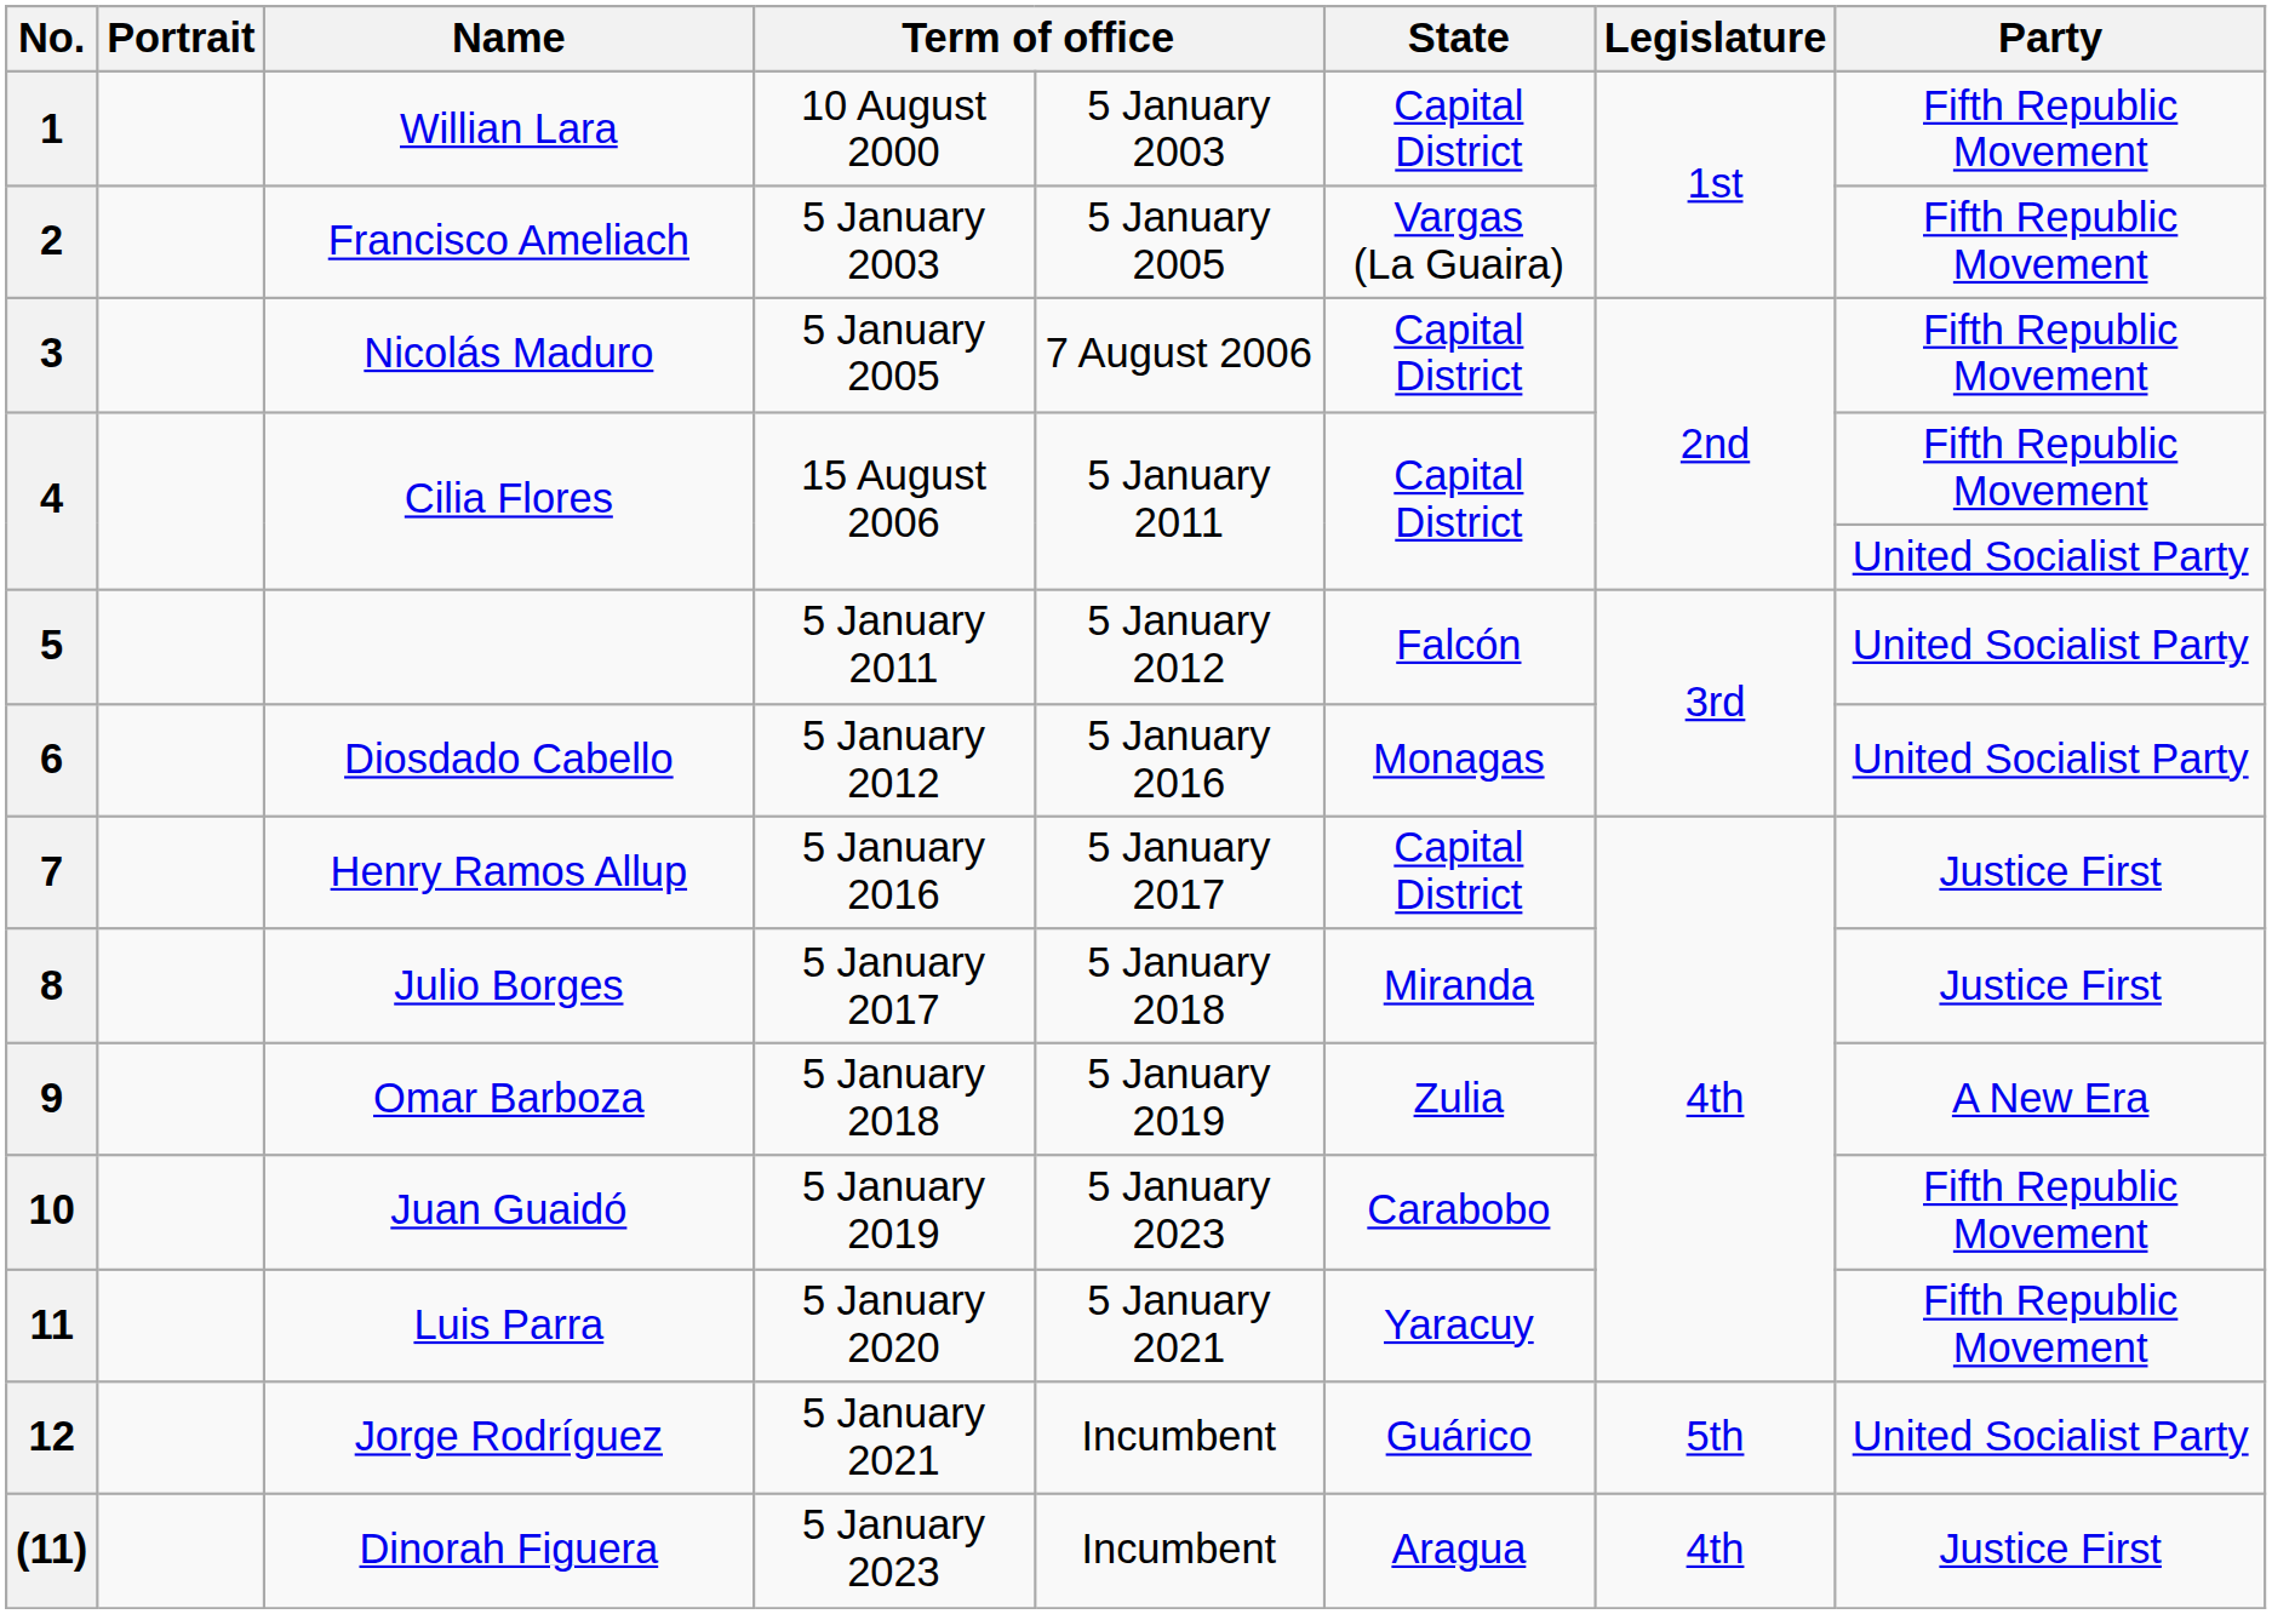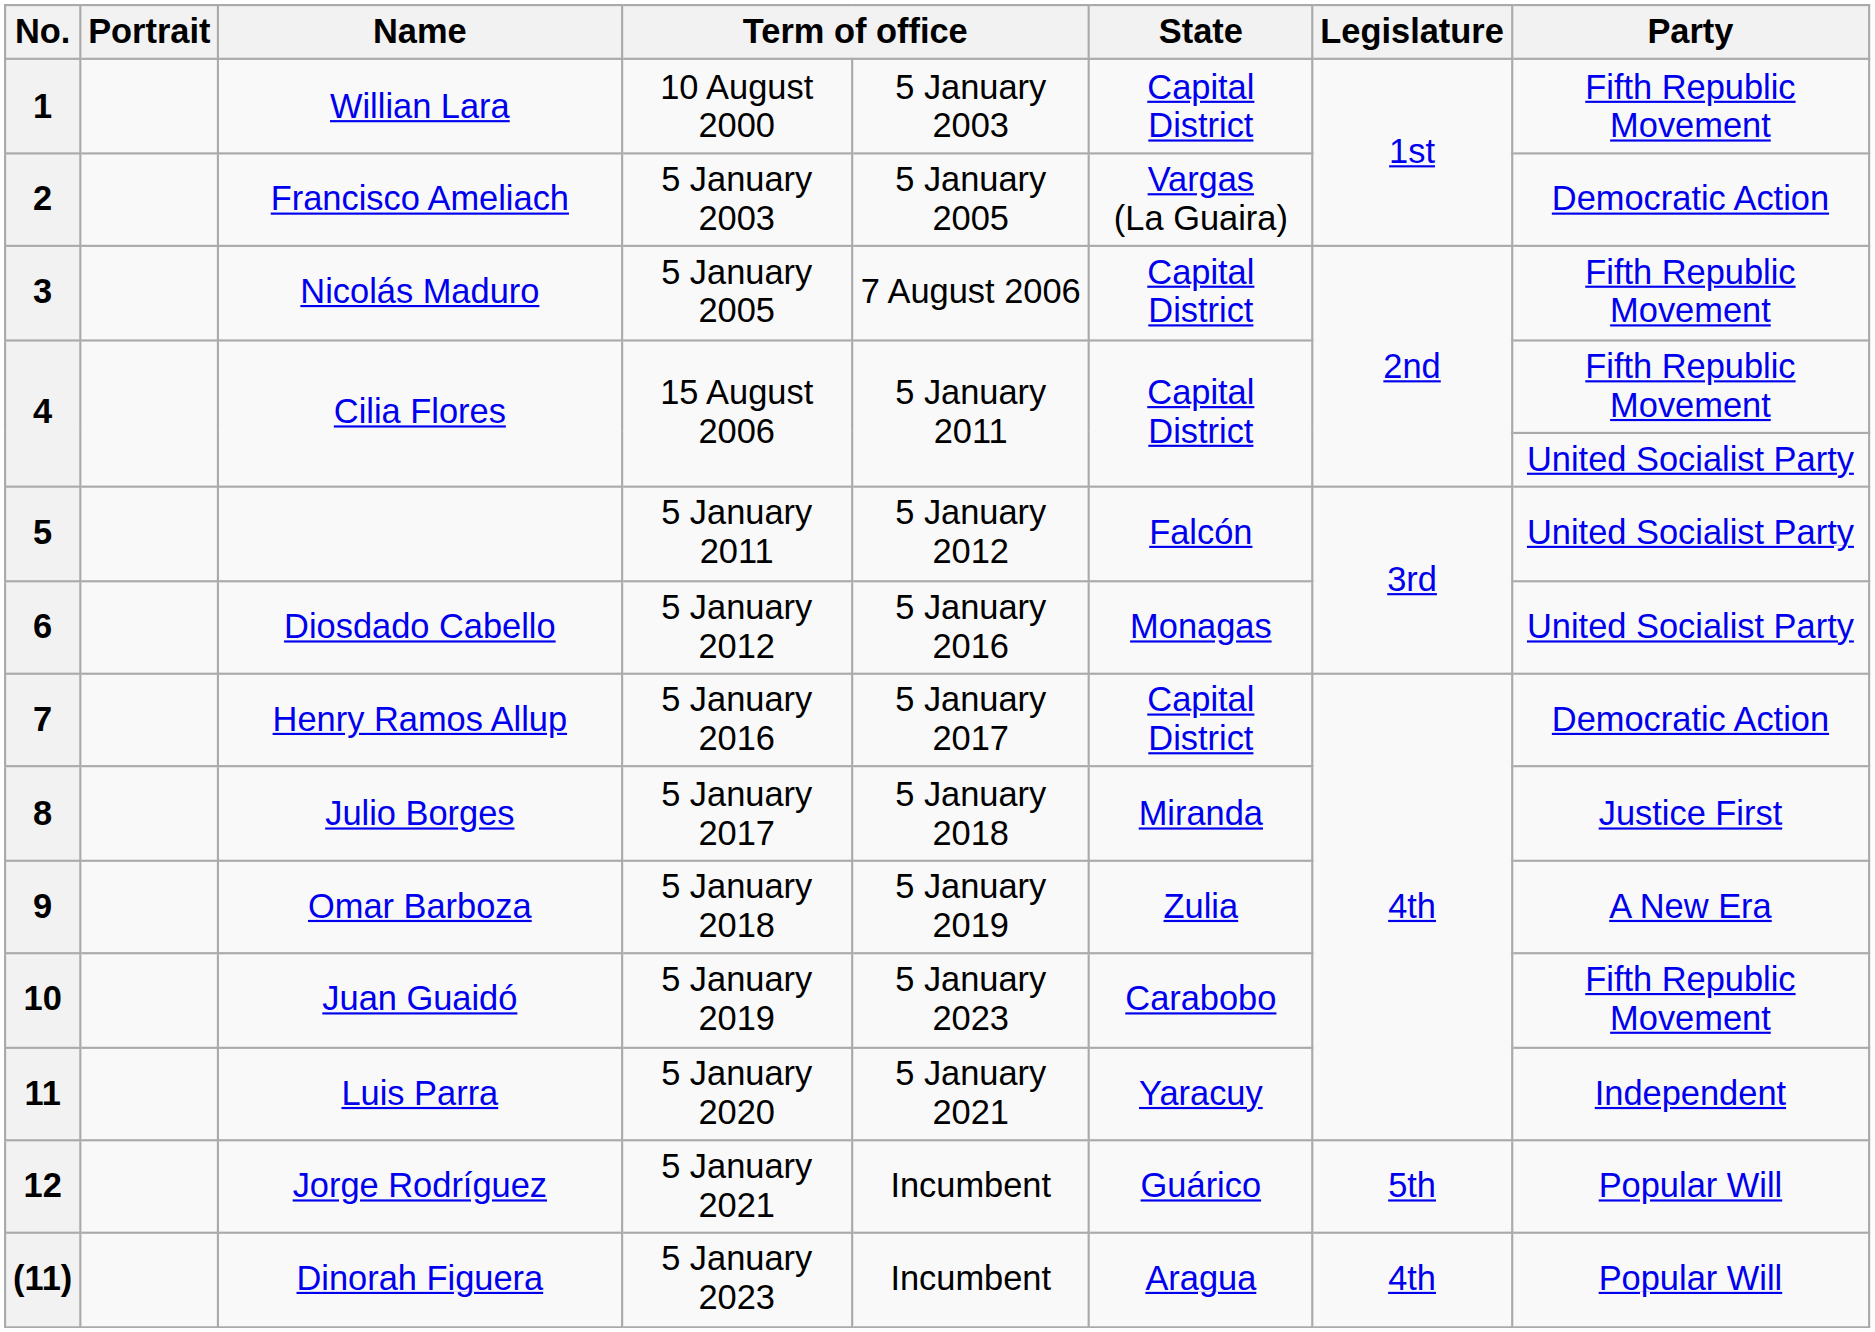 <table class="wikitable" style="text-align:center">
 <tr>
 <th>No.</th>
 <th>Portrait</th>
 <th width=180>Name<br></th>
 <th colspan=2>Term of office</th>
 <th>State</th>
 <th>Legislature</th>
 <th>Party</th>
 </tr>
 <tr>
 <th style="background:">1</th>
 <td></td>
 <td><a href='#'>Willian Lara</a><br></td>
 <td>10 August 2000</td>
 <td>5 January 2003</td>
 <td><a href='#'>Capital District</a></td>
 <td rowspan="2"><a href='#'>1st</a></td>
 <td><a href='#'>Fifth Republic Movement</a></td>
 </tr>
 <tr>
 <th style="background:">2</th>
 <td></td>
 <td><a href='#'>Francisco Ameliach</a><br></td>
 <td>5 January 2003</td>
 <td>5 January 2005</td>
 <td><a href='#'>Vargas</a> <br> (La Guaira)</td>
-<td><a href='#'>Fifth Republic Movement</a></td>
+<td><a href='#'>Democratic Action</a><br></td>
 </tr>
 <tr>
 <th style="background:">3</th>
 <td></td>
 <td><a href='#'>Nicolás Maduro</a><br></td>
 <td>5 January 2005</td>
 <td>7 August 2006</td>
 <td><a href='#'>Capital District</a></td>
 <td rowspan="3"><a href='#'>2nd</a></td>
 <td><a href='#'>Fifth Republic Movement</a></td>
 </tr>
 <tr>
 <th rowspan="2" style="background:">4</th>
 <td rowspan="2"></td>
 <td rowspan="2"><a href='#'>Cilia Flores</a><br></td>
 <td rowspan="2">15 August 2006</td>
 <td rowspan="2">5 January 2011</td>
 <td rowspan="2"><a href='#'>Capital District</a></td>
 <td><a href='#'>Fifth Republic Movement</a></td>
 </tr>
 <tr>
 <td><a href='#'>United Socialist Party</a></td>
 </tr>
 <tr>
 <th style="background:">5</th>
 <td></td>
 <td> <br></td>
 <td>5 January 2011</td>
 <td>5 January 2012</td>
 <td><a href='#'>Falcón</a></td>
 <td rowspan="2"><a href='#'>3rd</a></td>
 <td><a href='#'>United Socialist Party</a><br></td>
 </tr>
 <tr>
 <th style="background:">6</th>
 <td></td>
 <td><a href='#'>Diosdado Cabello</a><br></td>
 <td>5 January 2012</td>
 <td>5 January 2016</td>
 <td><a href='#'>Monagas</a></td>
 <td><a href='#'>United Socialist Party</a><br></td>
 </tr>
 <tr>
 <th style="background:">7</th>
 <td></td>
 <td><a href='#'>Henry Ramos Allup</a><br></td>
 <td>5 January 2016</td>
 <td>5 January 2017</td>
 <td><a href='#'>Capital District</a></td>
 <td rowspan="5"><a href='#'>4th</a></td>
-<td><a href='#'>Justice First</a><br></td>
+<td><a href='#'>Democratic Action</a><br></td>
 </tr>
 <tr>
 <th style="background:">8</th>
 <td></td>
 <td><a href='#'>Julio Borges</a><br></td>
 <td>5 January 2017</td>
 <td>5 January 2018</td>
 <td><a href='#'>Miranda</a></td>
 <td><a href='#'>Justice First</a><br></td>
 </tr>
 <tr>
 <th style="background:">9</th>
 <td></td>
 <td><a href='#'>Omar Barboza</a><br></td>
 <td>5 January 2018</td>
 <td>5 January 2019</td>
 <td><a href='#'>Zulia</a></td>
 <td><a href='#'>A New Era</a><br></td>
 </tr>
 <tr>
 <th style="background:">10</th>
 <td></td>
 <td><a href='#'>Juan Guaidó</a><br></td>
 <td>5 January 2019</td>
 <td>5 January 2023</td>
 <td><a href='#'>Carabobo</a></td>
 <td><a href='#'>Fifth Republic Movement</a></td>
 </tr>
 <tr>
 <th style="background:">11</th>
 <td></td>
 <td><a href='#'>Luis Parra</a><br></td>
 <td>5 January 2020</td>
 <td>5 January 2021</td>
 <td><a href='#'>Yaracuy</a></td>
-<td><a href='#'>Fifth Republic Movement</a></td>
+<td><a href='#'>Independent</a><br></td>
 </tr>
 <tr>
 <th style="background:">12</th>
 <td></td>
 <td><a href='#'>Jorge Rodríguez</a><br></td>
 <td>5 January 2021</td>
 <td>Incumbent</td>
 <td><a href='#'>Guárico</a></td>
 <td><a href='#'>5th</a></td>
-<td><a href='#'>United Socialist Party</a> <br></td>
+<td><a href='#'>Popular Will</a><br></td>
 </tr>
 <tr>
 <th style="background:">(11)</th>
 <td></td>
 <td><a href='#'>Dinorah Figuera</a><br></td>
 <td>5 January 2023</td>
 <td>Incumbent</td>
 <td><a href='#'>Aragua</a></td>
 <td><a href='#'>4th</a></td>
-<td><a href='#'>Justice First</a><br></td>
+<td><a href='#'>Popular Will</a><br></td>
 </tr>
 </table>
